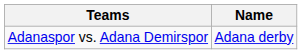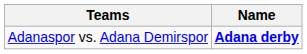 <table class="wikitable">
 <tr>
 <th>Teams</th>
 <th>Name</th>
 </tr>
 <tr>
 <td><a href='#'>Adanaspor</a> vs. <a href='#'>Adana Demirspor</a></td>
-<td><a href='#'>Adana derby</a></td>
+<td><strong><a href='#'>Adana derby</a></strong></td>
 </tr>
 </table>
